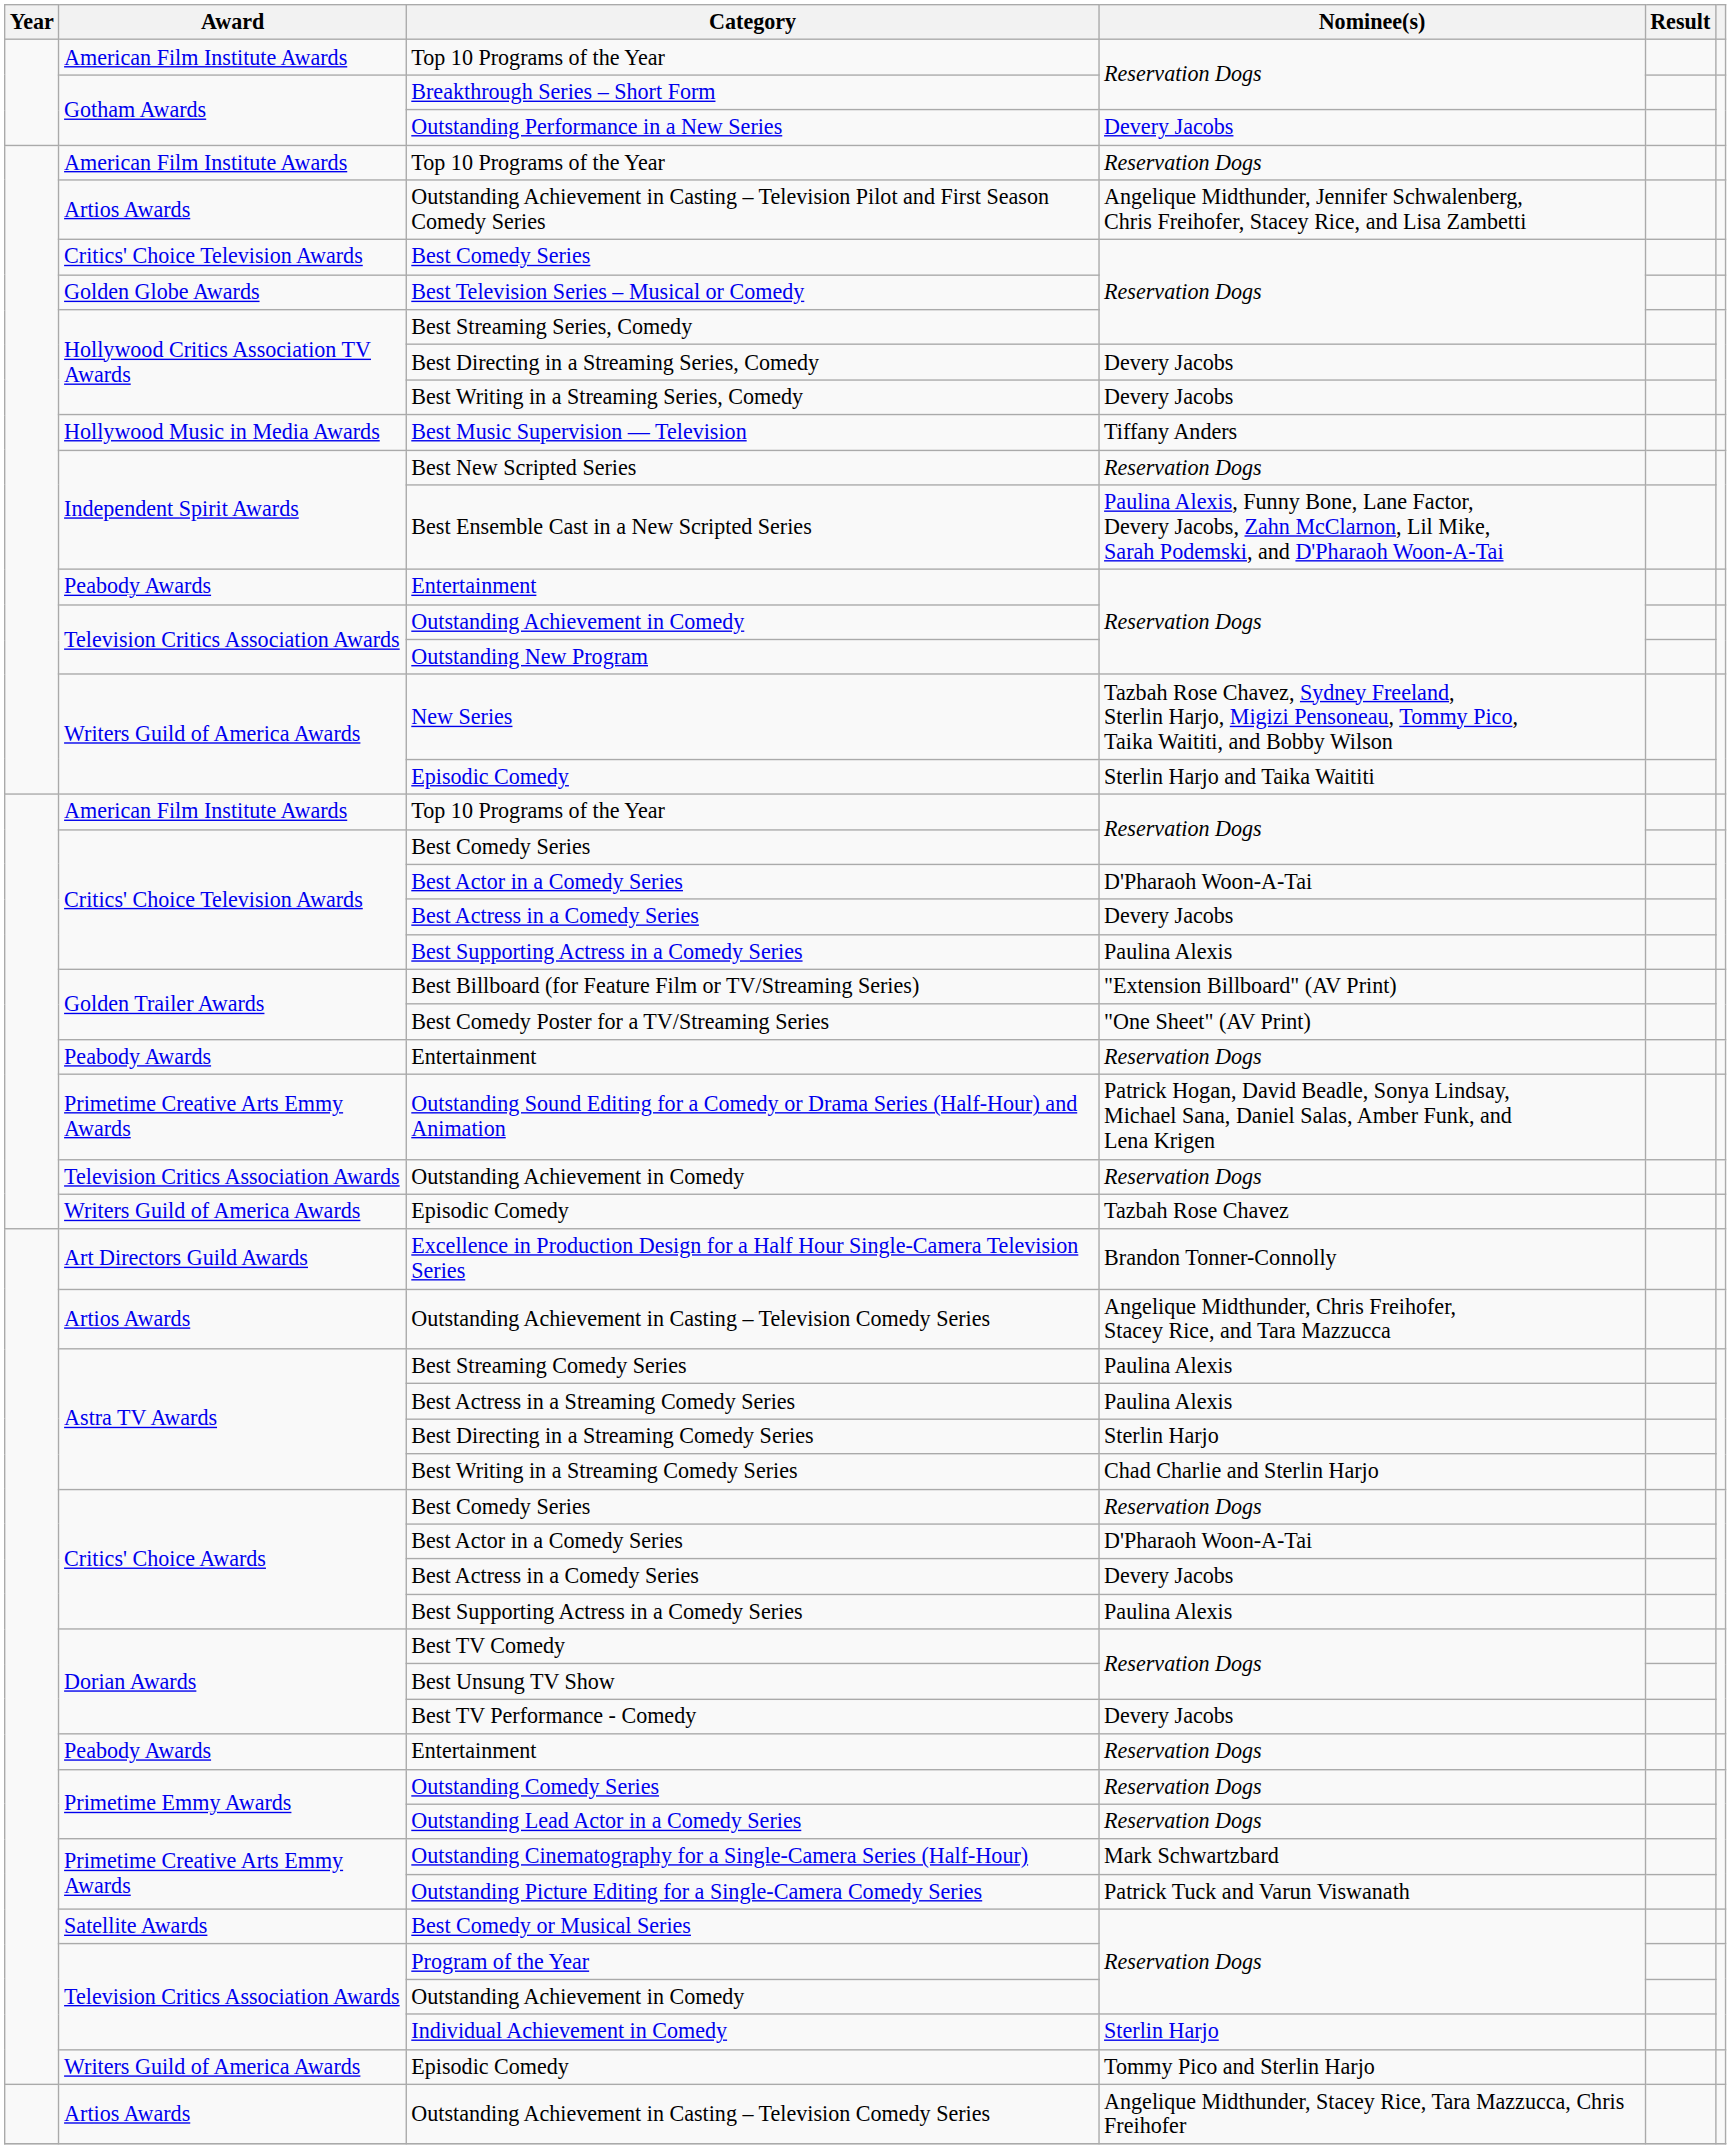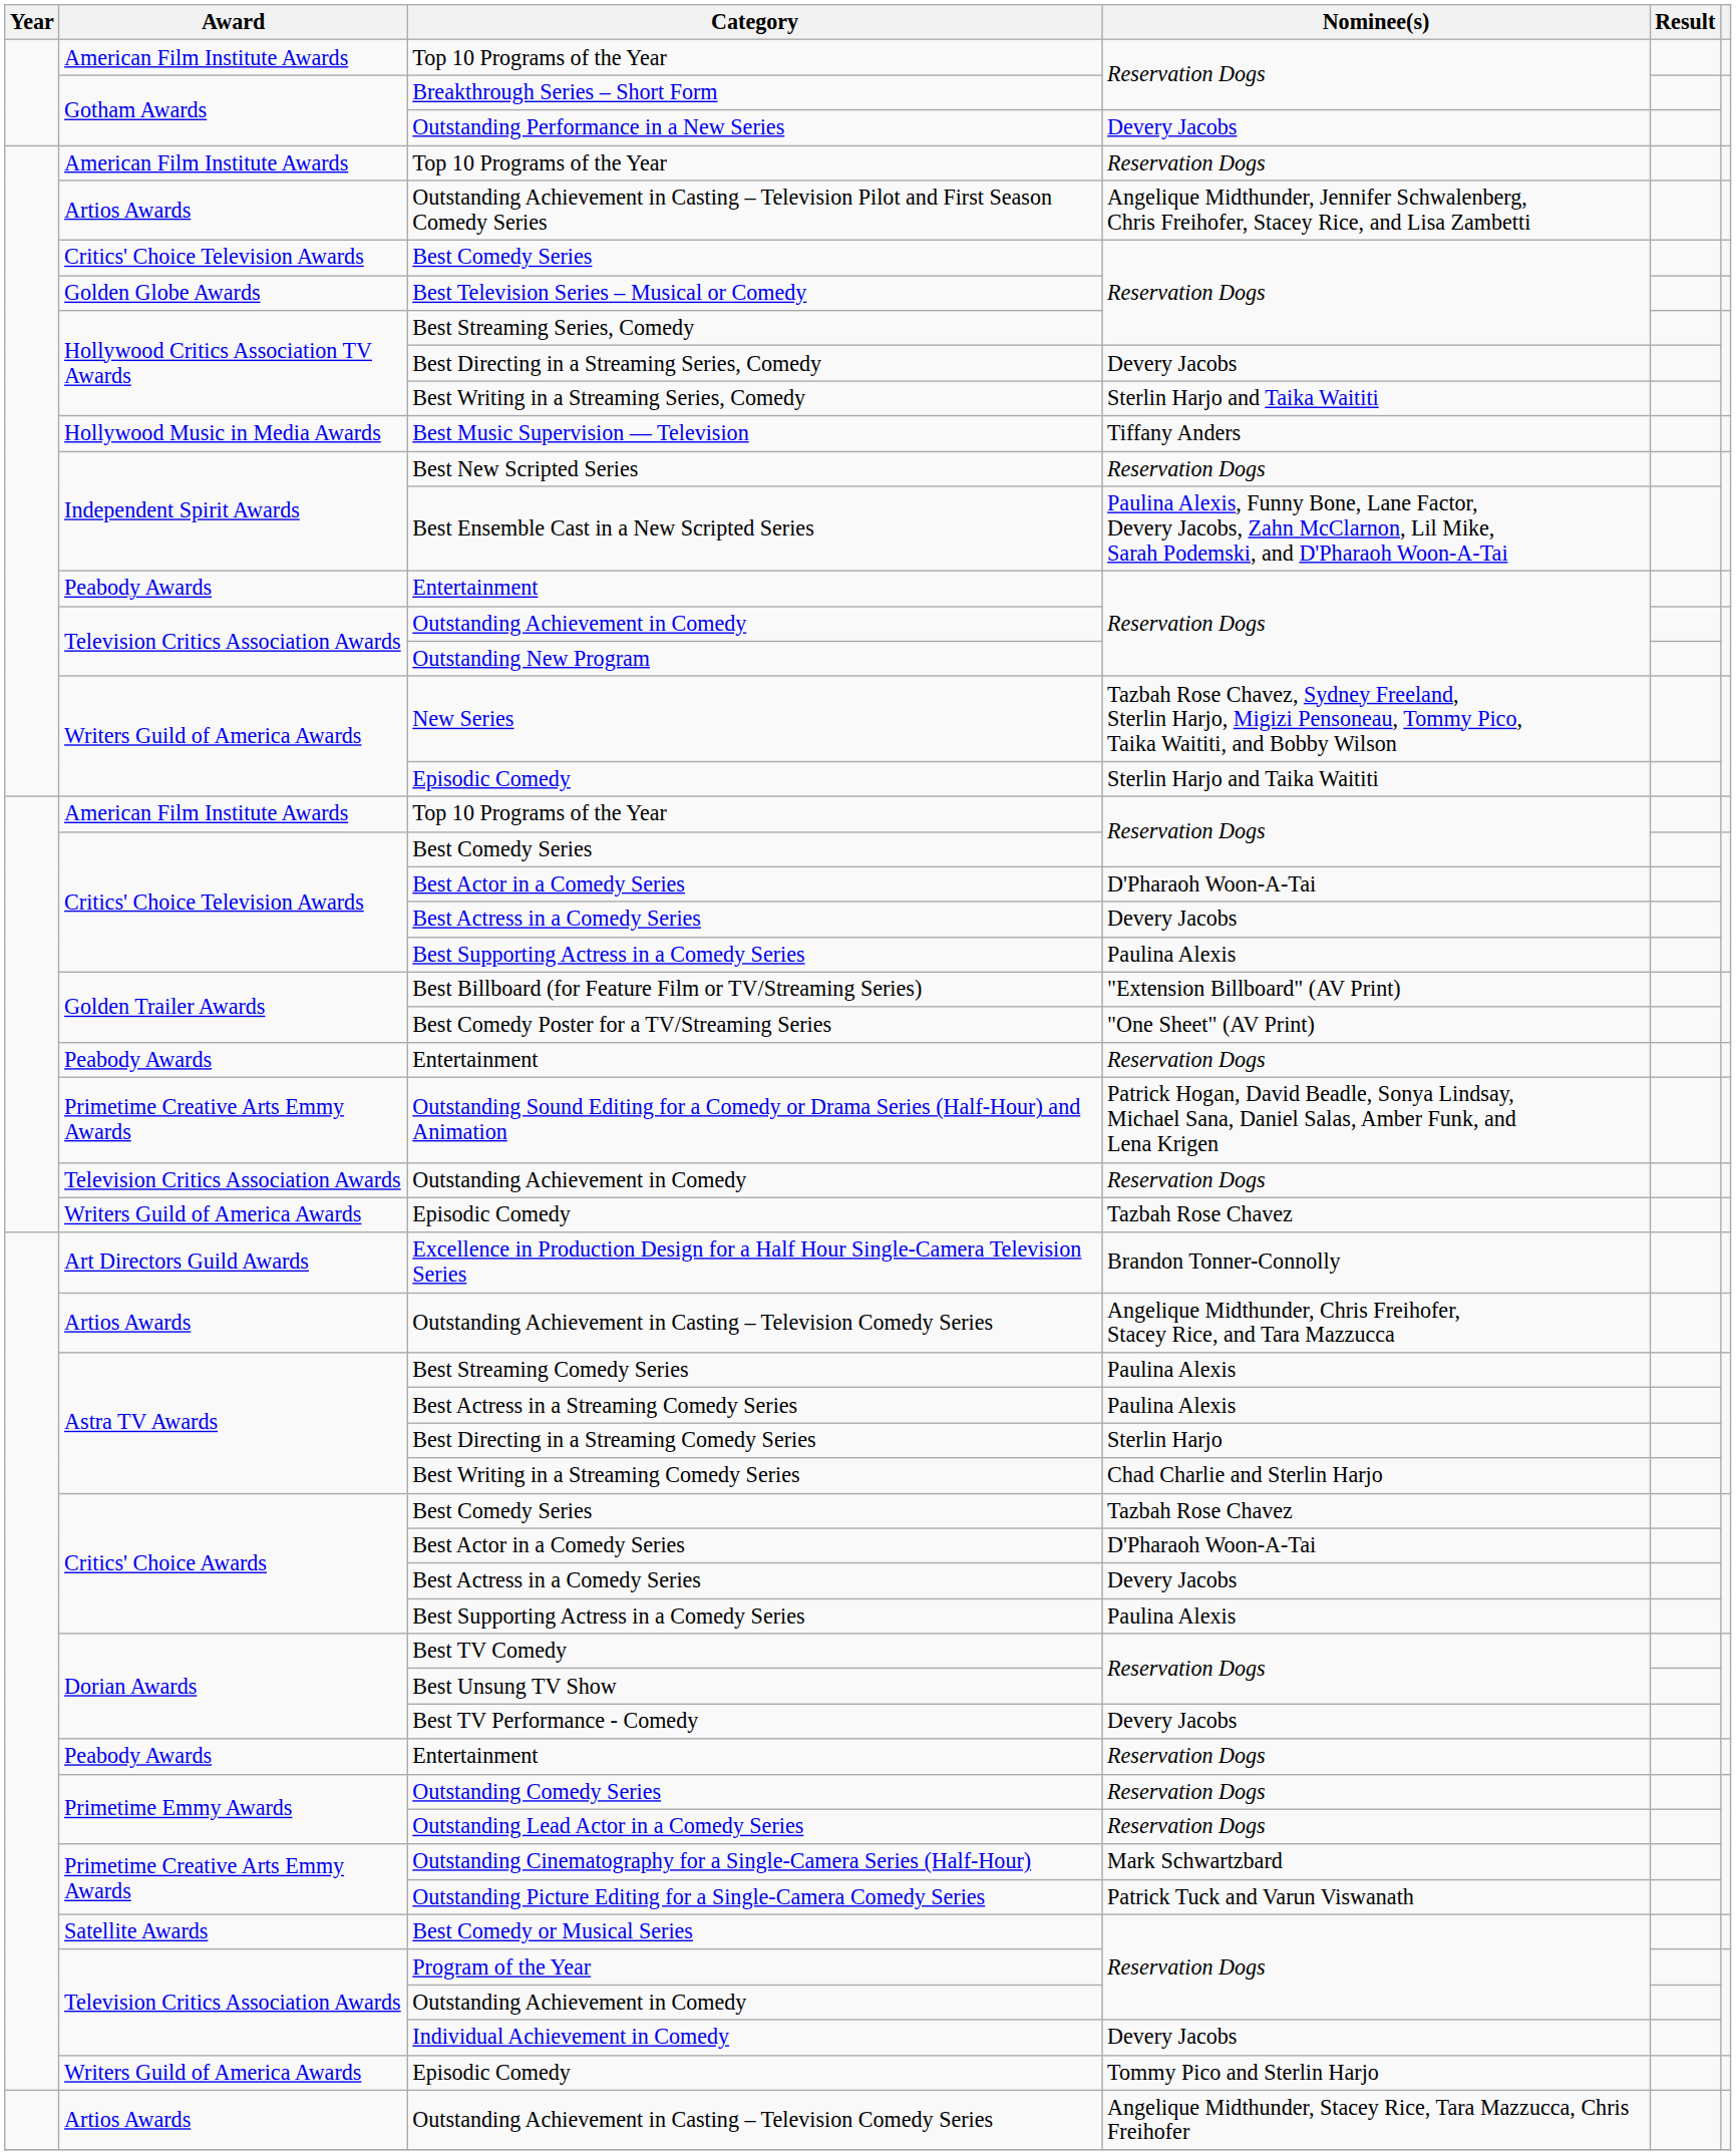 <table class="wikitable sortable">
 <tr>
 <th>Year</th>
 <th>Award</th>
 <th>Category</th>
 <th>Nominee(s)</th>
 <th>Result</th>
 <th class="unsortable"></th>
 </tr>
 <tr>
 <td rowspan="3"></td>
 <td><a href='#'>American Film Institute Awards</a></td>
 <td>Top 10 Programs of the Year</td>
 <td rowspan="2"><em>Reservation Dogs</em></td>
 <td></td>
 <td align="center"></td>
 </tr>
 <tr>
 <td rowspan="2"><a href='#'>Gotham Awards</a></td>
 <td><a href='#'>Breakthrough Series – Short Form</a></td>
 <td></td>
 <td align="center" rowspan="2"></td>
 </tr>
 <tr>
 <td><a href='#'>Outstanding Performance in a New Series</a></td>
 <td><a href='#'>Devery Jacobs</a></td>
 <td></td>
 </tr>
 <tr>
 <td rowspan="15"></td>
 <td><a href='#'>American Film Institute Awards</a></td>
 <td>Top 10 Programs of the Year</td>
 <td><em>Reservation Dogs</em></td>
 <td></td>
 <td align="center"></td>
 </tr>
 <tr>
 <td><a href='#'>Artios Awards</a></td>
 <td>Outstanding Achievement in Casting – Television Pilot and First Season Comedy Series</td>
 <td>Angelique Midthunder, Jennifer Schwalenberg, <br> Chris Freihofer, Stacey Rice, and Lisa Zambetti</td>
 <td></td>
 <td align="center"></td>
 </tr>
 <tr>
 <td><a href='#'>Critics' Choice Television Awards</a></td>
 <td><a href='#'>Best Comedy Series</a></td>
 <td rowspan="3"><em>Reservation Dogs</em></td>
 <td></td>
 <td align="center"></td>
 </tr>
 <tr>
 <td><a href='#'>Golden Globe Awards</a></td>
 <td><a href='#'>Best Television Series – Musical or Comedy</a></td>
 <td></td>
 <td align="center"></td>
 </tr>
 <tr>
 <td rowspan="3"><a href='#'>Hollywood Critics Association TV Awards</a></td>
 <td>Best Streaming Series, Comedy</td>
 <td></td>
 <td rowspan="3" align="center"></td>
 </tr>
 <tr>
 <td>Best Directing in a Streaming Series, Comedy</td>
 <td>Devery Jacobs</td>
 <td></td>
 </tr>
 <tr>
 <td>Best Writing in a Streaming Series, Comedy</td>
-<td>Devery Jacobs</td>
+<td>Sterlin Harjo and <a href='#'>Taika Waititi</a> </td>
 <td></td>
 </tr>
 <tr>
 <td><a href='#'>Hollywood Music in Media Awards</a></td>
 <td><a href='#'>Best Music Supervision — Television</a></td>
 <td>Tiffany Anders</td>
 <td></td>
 <td align="center"></td>
 </tr>
 <tr>
 <td rowspan="2"><a href='#'>Independent Spirit Awards</a></td>
 <td>Best New Scripted Series</td>
 <td><em>Reservation Dogs</em></td>
 <td></td>
 <td rowspan="2" align="center"></td>
 </tr>
 <tr>
 <td>Best Ensemble Cast in a New Scripted Series</td>
 <td><a href='#'>Paulina Alexis</a>, Funny Bone, Lane Factor, <br> Devery Jacobs, <a href='#'>Zahn McClarnon</a>, Lil Mike, <br> <a href='#'>Sarah Podemski</a>, and <a href='#'>D'Pharaoh Woon-A-Tai</a></td>
 <td></td>
 </tr>
 <tr>
 <td><a href='#'>Peabody Awards</a></td>
 <td><a href='#'>Entertainment</a></td>
 <td rowspan="3"><em>Reservation Dogs</em></td>
 <td></td>
 <td align="center"></td>
 </tr>
 <tr>
 <td rowspan="2"><a href='#'>Television Critics Association Awards</a></td>
 <td><a href='#'>Outstanding Achievement in Comedy</a></td>
 <td></td>
 <td align="center" rowspan="2"></td>
 </tr>
 <tr>
 <td><a href='#'>Outstanding New Program</a></td>
 <td></td>
 </tr>
 <tr>
 <td rowspan="2"><a href='#'>Writers Guild of America Awards</a></td>
 <td><a href='#'>New Series</a></td>
 <td>Tazbah Rose Chavez, <a href='#'>Sydney Freeland</a>, <br> Sterlin Harjo, <a href='#'>Migizi Pensoneau</a>, <a href='#'>Tommy Pico</a>, <br> Taika Waititi, and Bobby Wilson</td>
 <td></td>
 <td align="center" rowspan="2"></td>
 </tr>
 <tr>
 <td><a href='#'>Episodic Comedy</a></td>
 <td>Sterlin Harjo and Taika Waititi </td>
 <td></td>
 </tr>
 <tr>
 <td rowspan="11"></td>
 <td><a href='#'>American Film Institute Awards</a></td>
 <td>Top 10 Programs of the Year</td>
 <td rowspan="2"><em>Reservation Dogs</em></td>
 <td></td>
 <td align="center"></td>
 </tr>
 <tr>
 <td rowspan="4"><a href='#'>Critics' Choice Television Awards</a></td>
 <td>Best Comedy Series</td>
 <td></td>
 <td align="center" rowspan="4"></td>
 </tr>
 <tr>
 <td><a href='#'>Best Actor in a Comedy Series</a></td>
 <td>D'Pharaoh Woon-A-Tai</td>
 <td></td>
 </tr>
 <tr>
 <td><a href='#'>Best Actress in a Comedy Series</a></td>
 <td>Devery Jacobs</td>
 <td></td>
 </tr>
 <tr>
 <td><a href='#'>Best Supporting Actress in a Comedy Series</a></td>
 <td>Paulina Alexis</td>
 <td></td>
 </tr>
 <tr>
 <td rowspan="2"><a href='#'>Golden Trailer Awards</a></td>
 <td>Best Billboard (for Feature Film or TV/Streaming Series)</td>
 <td>"Extension Billboard" (AV Print)</td>
 <td></td>
 <td align="center" rowspan="2"></td>
 </tr>
 <tr>
 <td>Best Comedy Poster for a TV/Streaming Series</td>
 <td>"One Sheet" (AV Print)</td>
 <td></td>
 </tr>
 <tr>
 <td><a href='#'>Peabody Awards</a></td>
 <td>Entertainment</td>
 <td><em>Reservation Dogs</em></td>
 <td></td>
 <td align="center"></td>
 </tr>
 <tr>
 <td><a href='#'>Primetime Creative Arts Emmy Awards</a></td>
 <td><a href='#'>Outstanding Sound Editing for a Comedy or Drama Series (Half-Hour) and Animation</a></td>
 <td>Patrick Hogan, David Beadle, Sonya Lindsay, <br> Michael Sana, Daniel Salas, Amber Funk, and <br> Lena Krigen </td>
 <td></td>
 <td align="center"></td>
 </tr>
 <tr>
 <td><a href='#'>Television Critics Association Awards</a></td>
 <td>Outstanding Achievement in Comedy</td>
 <td><em>Reservation Dogs</em></td>
 <td></td>
 <td align="center"></td>
 </tr>
 <tr>
 <td><a href='#'>Writers Guild of America Awards</a></td>
 <td>Episodic Comedy</td>
 <td>Tazbah Rose Chavez </td>
 <td></td>
 <td align="center"></td>
 </tr>
 <tr>
 <td rowspan="23"></td>
 <td><a href='#'>Art Directors Guild Awards</a></td>
 <td><a href='#'>Excellence in Production Design for a Half Hour Single-Camera Television Series</a></td>
 <td>Brandon Tonner-Connolly </td>
 <td></td>
 <td align="center"></td>
 </tr>
 <tr>
 <td><a href='#'>Artios Awards</a></td>
 <td>Outstanding Achievement in Casting – Television Comedy Series</td>
 <td>Angelique Midthunder, Chris Freihofer, <br> Stacey Rice, and Tara Mazzucca</td>
 <td></td>
 <td align="center"></td>
 </tr>
 <tr>
 <td rowspan="4"><a href='#'>Astra TV Awards</a></td>
 <td>Best Streaming Comedy Series</td>
 <td>Paulina Alexis</td>
 <td></td>
 <td rowspan="4" align="center"></td>
 </tr>
 <tr>
 <td>Best Actress in a Streaming Comedy Series</td>
 <td>Paulina Alexis</td>
 <td></td>
 </tr>
 <tr>
 <td>Best Directing in a Streaming Comedy Series</td>
 <td>Sterlin Harjo </td>
 <td></td>
 </tr>
 <tr>
 <td>Best Writing in a Streaming Comedy Series</td>
 <td>Chad Charlie and Sterlin Harjo <br> </td>
 <td></td>
 </tr>
 <tr>
 <td rowspan="4"><a href='#'>Critics' Choice Awards</a></td>
 <td>Best Comedy Series</td>
-<td><em>Reservation Dogs</em></td>
+<td>Tazbah Rose Chavez </td>
 <td></td>
 <td align="center" rowspan="4"></td>
 </tr>
 <tr>
 <td>Best Actor in a Comedy Series</td>
 <td>D'Pharaoh Woon-A-Tai</td>
 <td></td>
 </tr>
 <tr>
 <td>Best Actress in a Comedy Series</td>
 <td>Devery Jacobs</td>
 <td></td>
 </tr>
 <tr>
 <td>Best Supporting Actress in a Comedy Series</td>
 <td>Paulina Alexis</td>
 <td></td>
 </tr>
 <tr>
 <td rowspan="3"><a href='#'>Dorian Awards</a></td>
 <td>Best TV Comedy</td>
 <td rowspan="2"><em>Reservation Dogs</em></td>
 <td></td>
 <td align="center" rowspan="3"></td>
 </tr>
 <tr>
 <td>Best Unsung TV Show</td>
 <td></td>
 </tr>
 <tr>
 <td>Best TV Performance - Comedy</td>
 <td>Devery Jacobs</td>
 <td></td>
 </tr>
 <tr>
 <td><a href='#'>Peabody Awards</a></td>
 <td>Entertainment</td>
 <td><em>Reservation Dogs</em></td>
 <td></td>
 <td align="center"></td>
 </tr>
 <tr>
 <td rowspan="2"><a href='#'>Primetime Emmy Awards</a></td>
 <td><a href='#'>Outstanding Comedy Series</a></td>
 <td><em>Reservation Dogs</em></td>
 <td></td>
 <td align="center" rowspan="4"></td>
 </tr>
 <tr>
 <td><a href='#'>Outstanding Lead Actor in a Comedy Series</a></td>
 <td><em>Reservation Dogs</em></td>
 <td></td>
 </tr>
 <tr>
 <td rowspan="2"><a href='#'>Primetime Creative Arts Emmy Awards</a></td>
 <td><a href='#'>Outstanding Cinematography for a Single-Camera Series (Half-Hour)</a></td>
 <td>Mark Schwartzbard </td>
 <td></td>
 </tr>
 <tr>
 <td><a href='#'>Outstanding Picture Editing for a Single-Camera Comedy Series</a></td>
 <td>Patrick Tuck and Varun Viswanath <br> </td>
 <td></td>
 </tr>
 <tr>
 <td><a href='#'>Satellite Awards</a></td>
 <td><a href='#'>Best Comedy or Musical Series</a></td>
 <td rowspan="3"><em>Reservation Dogs</em></td>
 <td></td>
 <td align="center"></td>
 </tr>
 <tr>
 <td rowspan="3"><a href='#'>Television Critics Association Awards</a></td>
 <td><a href='#'>Program of the Year</a></td>
 <td></td>
 <td align="center" rowspan="3"></td>
 </tr>
 <tr>
 <td>Outstanding Achievement in Comedy</td>
 <td></td>
 </tr>
 <tr>
 <td><a href='#'>Individual Achievement in Comedy</a></td>
-<td><a href='#'>Sterlin Harjo</a> </td>
+<td>Devery Jacobs</td>
 <td></td>
 </tr>
 <tr>
 <td><a href='#'>Writers Guild of America Awards</a></td>
 <td>Episodic Comedy</td>
 <td>Tommy Pico and Sterlin Harjo <br> </td>
 <td></td>
 <td align="center"></td>
 </tr>
 <tr>
 <td></td>
 <td><a href='#'>Artios Awards</a></td>
 <td>Outstanding Achievement in Casting – Television Comedy Series</td>
 <td>Angelique Midthunder, Stacey Rice, Tara Mazzucca, Chris Freihofer</td>
 <td></td>
 <td align="center"></td>
 </tr>
 <tr>
 </tr>
 </table>
